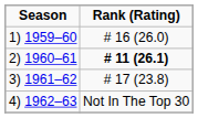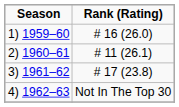 <table class="wikitable" style="left; text-align:center; border:2px solid darkgrey;">
 <tr>
 <td><strong>Season</strong></td>
 <td><strong>Rank (Rating)</strong></td>
 </tr>
 <tr>
 <td>1) <a href='#'>1959–60</a></td>
 <td># 16 (26.0)</td>
 </tr>
 <tr>
 <td>2) <a href='#'>1960–61</a></td>
-<td><strong># 11 (26.1)</strong></td>
+<td># 11 (26.1)</td>
 </tr>
 <tr>
 <td>3) <a href='#'>1961–62</a></td>
 <td># 17 (23.8)</td>
 </tr>
 <tr>
 <td>4) <a href='#'>1962–63</a></td>
 <td>Not In The Top 30</td>
 </tr>
 </table>
